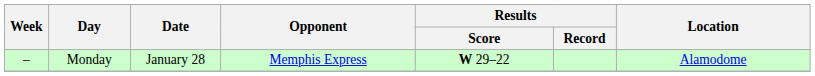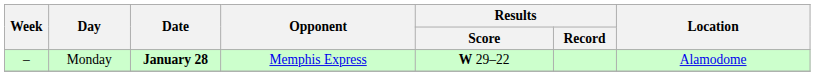 <table class="wikitable" style="text-align:center; font-size:90%">
 <tr>
 <th rowspan="2" width="40">Week</th>
 <th rowspan="2" width="80">Day</th>
 <th rowspan="2" width="90">Date</th>
 <th rowspan="2" width="200">Opponent</th>
 <th colspan="2" width="200">Results</th>
 <th rowspan="2" width="200">Location</th>
 </tr>
 <tr>
 <th width="140">Score</th>
 <th width="60">Record</th>
 </tr>
 <tr bgcolor=#ccffcc>
 <td>–</td>
 <td>Monday</td>
-<td>January 28</td>
+<td><strong>January 28</strong></td>
 <td><a href='#'>Memphis Express</a></td>
 <td><strong>W</strong> 29–22</td>
 <td></td>
 <td><a href='#'>Alamodome</a></td>
 </tr>
 <tr>
 </tr>
 </table>
